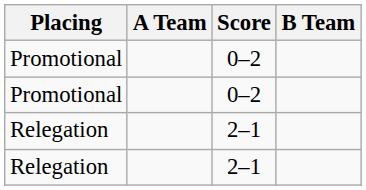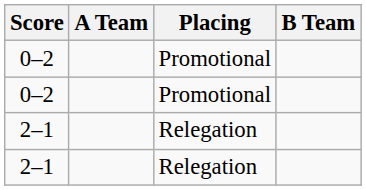 <table class=wikitable style="border:1px solid #AAAAAA;">
 <tr>
+<th>Score</th>
+<th>A Team</th>
 <th>Placing</th>
-<th>A Team</th>
-<th>Score</th>
 <th>B Team</th>
 </tr>
 <tr>
+<td align="center">0–2</td>
+<td></td>
 <td>Promotional</td>
-<td></td>
-<td align="center">0–2</td>
 <td><strong></strong></td>
 </tr>
 <tr>
+<td align="center">0–2</td>
+<td></td>
 <td>Promotional</td>
-<td></td>
-<td align="center">0–2</td>
 <td><strong></strong></td>
 </tr>
 <tr>
+<td align="center">2–1</td>
+<td><strong></strong></td>
 <td>Relegation</td>
-<td><strong></strong></td>
-<td align="center">2–1</td>
 <td><em></em></td>
 </tr>
 <tr>
+<td align="center">2–1</td>
+<td><strong></strong></td>
 <td>Relegation</td>
-<td><strong></strong></td>
-<td align="center">2–1</td>
 <td><em></em></td>
 </tr>
 </table>
